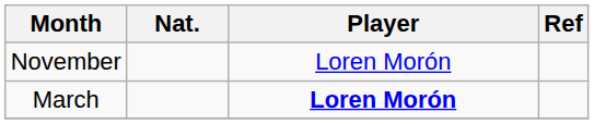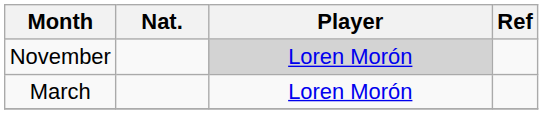 <table class="wikitable sortable" style="text-align: center;">
 <tr>
 <th>Month</th>
 <th width=60>Nat.</th>
 <th width=200>Player</th>
 <th>Ref</th>
 </tr>
 <tr>
 <td>November</td>
 <td></td>
-<td><a href='#'>Loren Morón</a></td>
+<td style="background: lightgrey;"><a href='#'>Loren Morón</a></td>
 <td></td>
 </tr>
 <tr>
 <td>March</td>
 <td></td>
-<td><strong><a href='#'>Loren Morón</a></strong></td>
+<td><a href='#'>Loren Morón</a></td>
 <td></td>
 </tr>
 <tr>
 </tr>
 </table>
